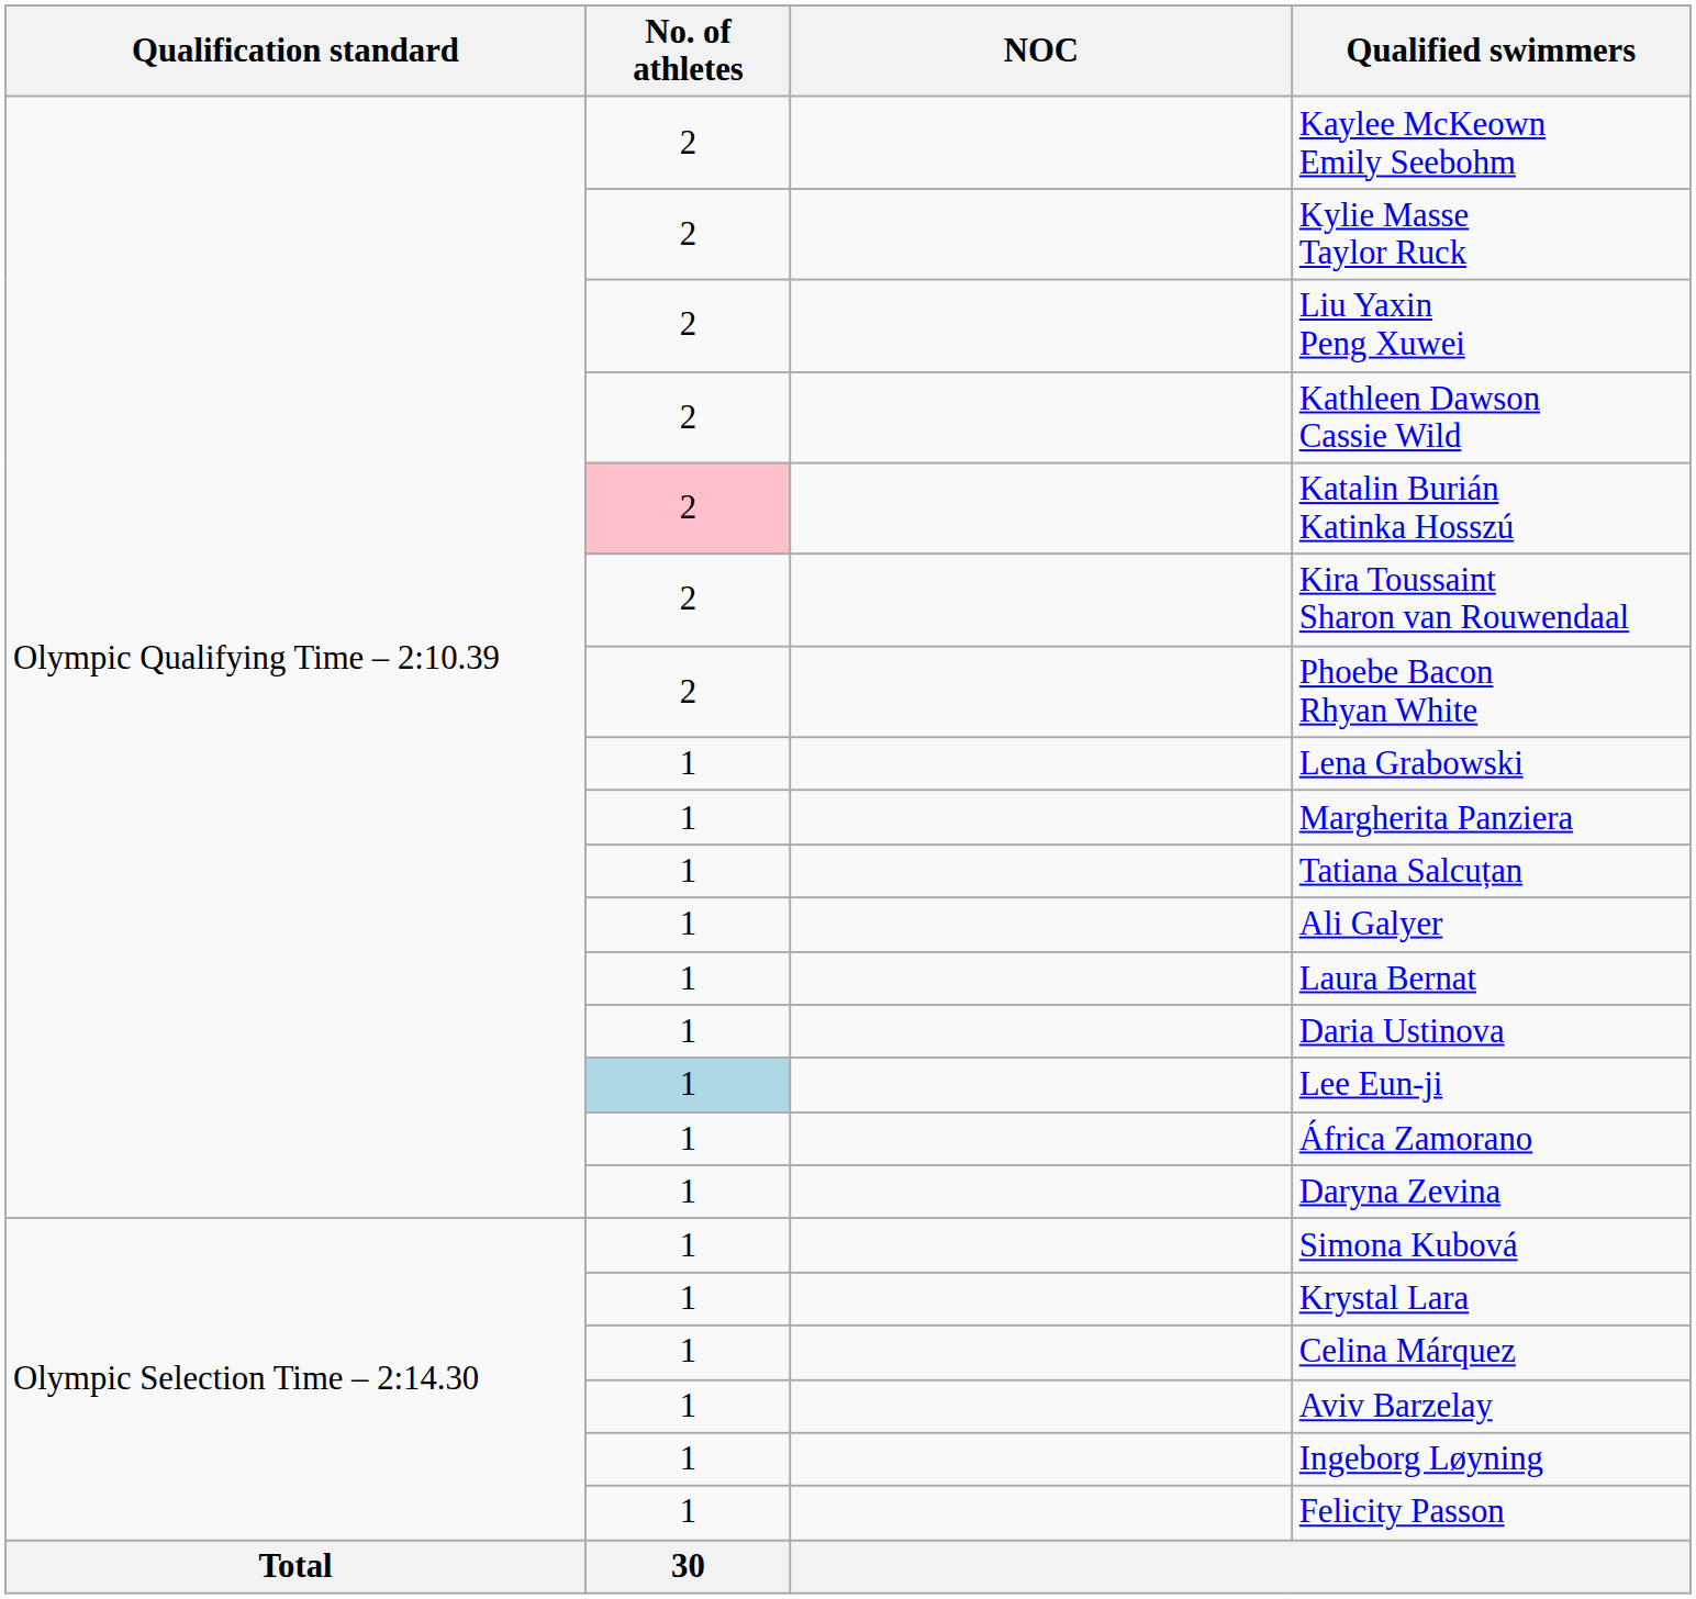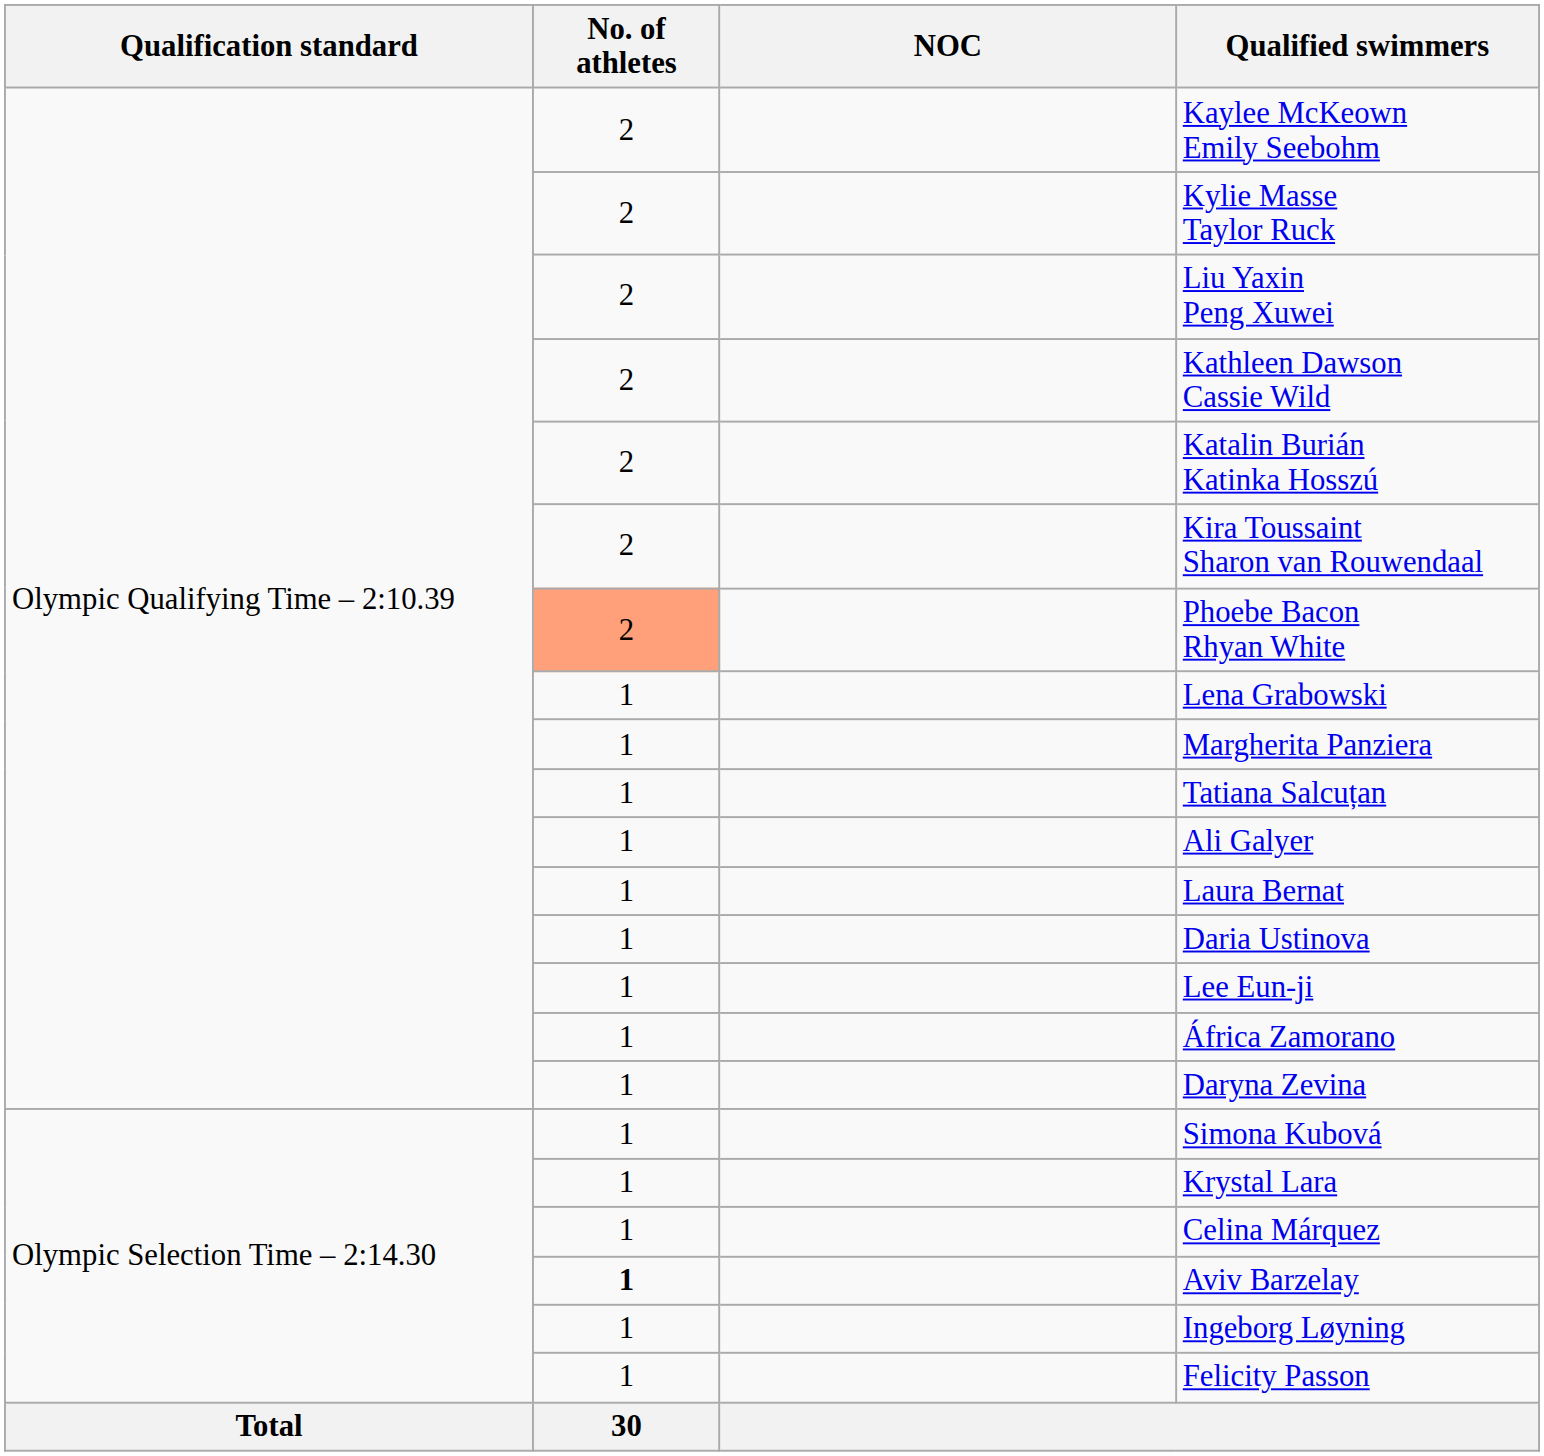 <table class=wikitable style="text-align:left" width=800>
 <tr>
 <th>Qualification standard</th>
 <th width=90>No. of athletes</th>
 <th width=230>NOC</th>
 <th>Qualified swimmers</th>
 </tr>
 <tr>
 <td rowspan=16>Olympic Qualifying Time – 2:10.39</td>
 <td align=center>2</td>
 <td></td>
 <td><a href='#'>Kaylee McKeown</a><br><a href='#'>Emily Seebohm</a></td>
 </tr>
 <tr>
 <td align=center>2</td>
 <td></td>
 <td><a href='#'>Kylie Masse</a><br><a href='#'>Taylor Ruck</a></td>
 </tr>
 <tr>
 <td align=center>2</td>
 <td></td>
 <td><a href='#'>Liu Yaxin</a><br><a href='#'>Peng Xuwei</a></td>
 </tr>
 <tr>
 <td align=center>2</td>
 <td></td>
 <td><a href='#'>Kathleen Dawson</a><br><a href='#'>Cassie Wild</a></td>
 </tr>
 <tr>
-<td align=center style="background: pink;">2</td>
+<td align=center>2</td>
 <td></td>
 <td><a href='#'>Katalin Burián</a><br><a href='#'>Katinka Hosszú</a></td>
 </tr>
 <tr>
 <td align=center>2</td>
 <td></td>
 <td><a href='#'>Kira Toussaint</a><br> <a href='#'>Sharon van Rouwendaal</a></td>
 </tr>
 <tr>
-<td align=center>2</td>
+<td align=center style="background: lightsalmon;">2</td>
 <td></td>
 <td><a href='#'>Phoebe Bacon</a><br><a href='#'>Rhyan White</a></td>
 </tr>
 <tr>
 <td align=center>1</td>
 <td></td>
 <td><a href='#'>Lena Grabowski</a></td>
 </tr>
 <tr>
 <td align=center>1</td>
 <td></td>
 <td><a href='#'>Margherita Panziera</a></td>
 </tr>
 <tr>
 <td align=center>1</td>
 <td></td>
 <td><a href='#'>Tatiana Salcuțan</a></td>
 </tr>
 <tr>
 <td align=center>1</td>
 <td></td>
 <td><a href='#'>Ali Galyer</a></td>
 </tr>
 <tr>
 <td align=center>1</td>
 <td></td>
 <td><a href='#'>Laura Bernat</a></td>
 </tr>
 <tr>
 <td align=center>1</td>
 <td></td>
 <td><a href='#'>Daria Ustinova</a></td>
 </tr>
 <tr>
-<td align=center style="background: lightblue;">1</td>
+<td align=center>1</td>
 <td></td>
 <td><a href='#'>Lee Eun-ji</a></td>
 </tr>
 <tr>
 <td align=center>1</td>
 <td></td>
 <td><a href='#'>África Zamorano</a></td>
 </tr>
 <tr>
 <td align=center>1</td>
 <td></td>
 <td><a href='#'>Daryna Zevina</a></td>
 </tr>
 <tr>
 <td rowspan=6>Olympic Selection Time – 2:14.30</td>
 <td align=center>1</td>
 <td></td>
 <td><a href='#'>Simona Kubová</a></td>
 </tr>
 <tr>
 <td align=center>1</td>
 <td></td>
 <td><a href='#'>Krystal Lara</a></td>
 </tr>
 <tr>
 <td align=center>1</td>
 <td></td>
 <td><a href='#'>Celina Márquez</a></td>
 </tr>
 <tr>
-<td align=center>1</td>
+<td align=center><strong>1</strong></td>
 <td></td>
 <td><a href='#'>Aviv Barzelay</a></td>
 </tr>
 <tr>
 <td align=center>1</td>
 <td></td>
 <td><a href='#'>Ingeborg Løyning</a></td>
 </tr>
 <tr>
 <td align=center>1</td>
 <td></td>
 <td><a href='#'>Felicity Passon</a></td>
 </tr>
 <tr>
 <th><strong>Total</strong></th>
 <th>30</th>
 <th colspan=2></th>
 </tr>
 </table>
